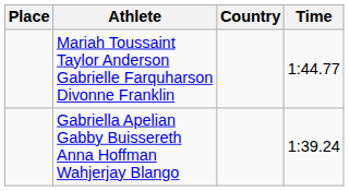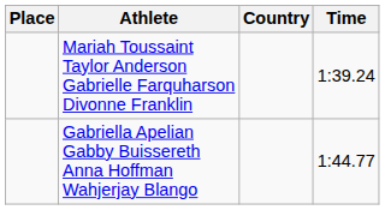 <table class="wikitable">
 <tr>
 <th>Place</th>
 <th>Athlete</th>
 <th>Country</th>
 <th>Time</th>
 </tr>
 <tr>
 <td align=center></td>
 <td><a href='#'>Mariah Toussaint</a><br><a href='#'>Taylor Anderson</a><br><a href='#'>Gabrielle Farquharson</a><br><a href='#'>Divonne Franklin</a></td>
 <td></td>
-<td>1:44.77</td>
+<td>1:39.24</td>
 </tr>
 <tr>
 <td align=center></td>
 <td><a href='#'>Gabriella Apelian</a><br><a href='#'>Gabby Buissereth</a><br><a href='#'>Anna Hoffman</a><br><a href='#'>Wahjerjay Blango</a></td>
 <td></td>
-<td>1:39.24</td>
+<td>1:44.77</td>
 </tr>
 </table>
